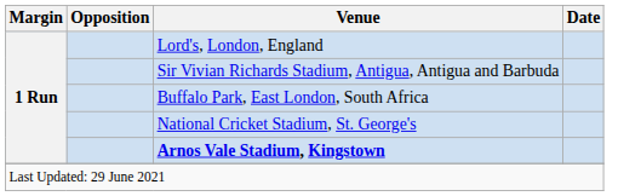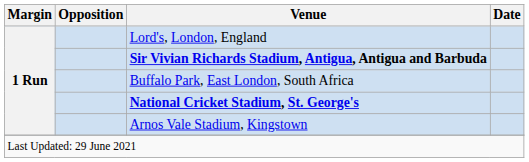 <table class="wikitable plainrowheaders sortable">
 <tr>
 <th scope=col>Margin</th>
 <th scope=col>Opposition</th>
 <th scope=col>Venue</th>
 <th scope=col>Date</th>
 </tr>
 <tr bgcolor=#cee0f2>
 <th scope=row style=text-align:center rowspan=5><strong>1 Run</strong></th>
 <td></td>
 <td><a href='#'>Lord's</a>, <a href='#'>London</a>, England</td>
 <td> </td>
 </tr>
 <tr bgcolor=#cee0f2>
 <td></td>
-<td><a href='#'>Sir Vivian Richards Stadium</a>, <a href='#'>Antigua</a>, Antigua and Barbuda</td>
+<td><strong><a href='#'>Sir Vivian Richards Stadium</a>, <a href='#'>Antigua</a>, Antigua and Barbuda</strong></td>
 <td></td>
 </tr>
 <tr bgcolor=#cee0f2>
 <td></td>
 <td><a href='#'>Buffalo Park</a>, <a href='#'>East London</a>, South Africa</td>
 <td></td>
 </tr>
 <tr bgcolor=#cee0f2>
 <td></td>
-<td><a href='#'>National Cricket Stadium</a>, <a href='#'>St. George's</a></td>
+<td><strong><a href='#'>National Cricket Stadium</a>, <a href='#'>St. George's</a></strong></td>
 <td></td>
 </tr>
 <tr bgcolor=#cee0f2>
 <td></td>
-<td><strong><a href='#'>Arnos Vale Stadium</a>, <a href='#'>Kingstown</a></strong></td>
+<td><a href='#'>Arnos Vale Stadium</a>, <a href='#'>Kingstown</a></td>
 <td></td>
 </tr>
 <tr>
 </tr>
 <tr class=sortbottom>
 <td colspan="4"><small>Last Updated: 29 June 2021</small></td>
 </tr>
 </table>
